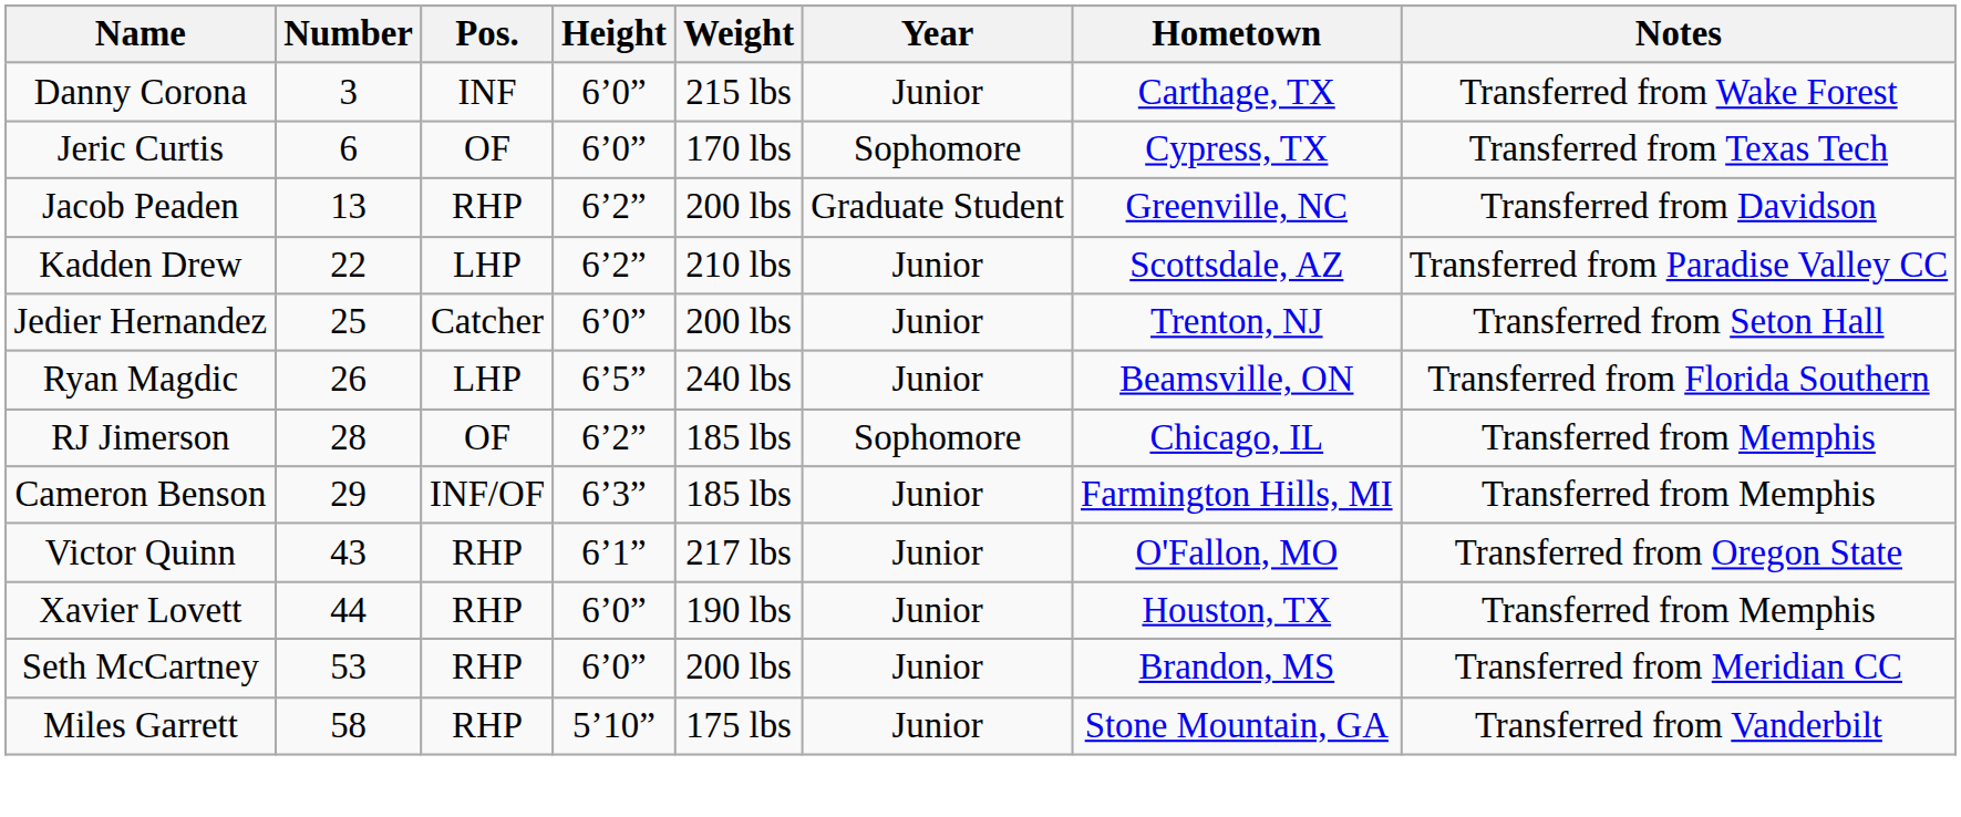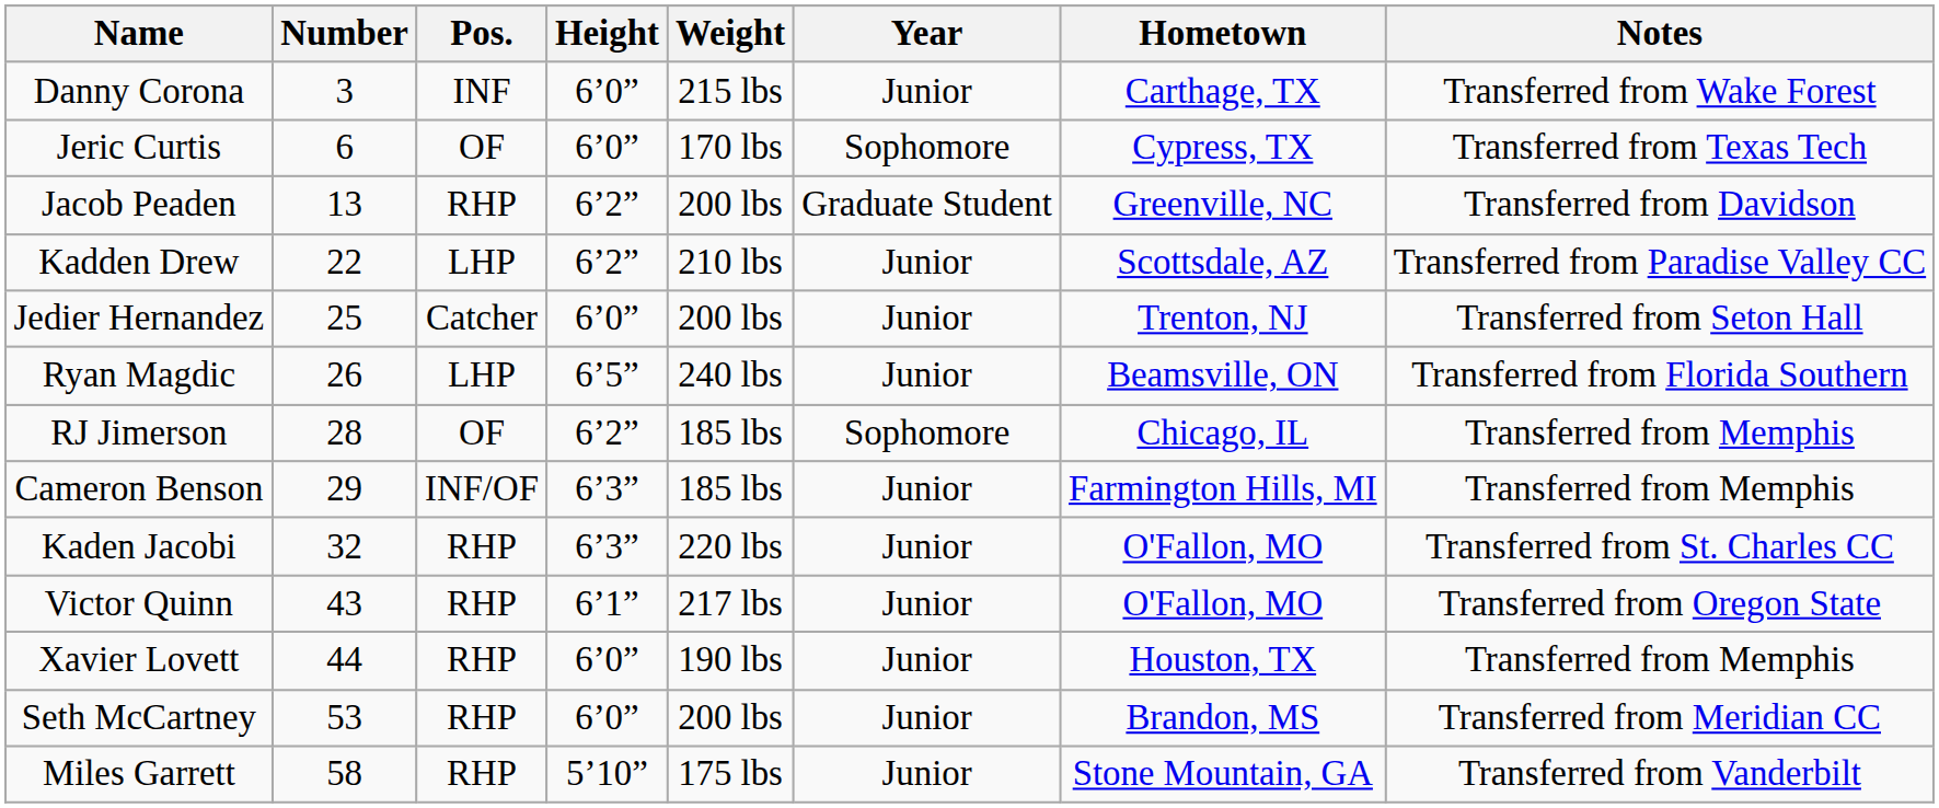 <table class="wikitable sortable">
 <tr>
 </tr>
 <tr>
 <th style="text-align:center; ">Name</th>
 <th style="text-align:center; ">Number</th>
 <th style="text-align:center; ">Pos.</th>
 <th style="text-align:center; ">Height</th>
 <th style="text-align:center; ">Weight</th>
 <th style="text-align:center; ">Year</th>
 <th style="text-align:center; ">Hometown</th>
 <th style="text-align:center; ">Notes</th>
 </tr>
 <tr align="center">
 <td>Danny Corona</td>
 <td>3</td>
 <td>INF</td>
 <td>6’0”</td>
 <td>215 lbs</td>
 <td>Junior</td>
 <td><a href='#'>Carthage, TX</a></td>
 <td>Transferred from <a href='#'>Wake Forest</a></td>
 </tr>
 <tr align="center">
 <td>Jeric Curtis</td>
 <td>6</td>
 <td>OF</td>
 <td>6’0”</td>
 <td>170 lbs</td>
 <td>Sophomore</td>
 <td><a href='#'>Cypress, TX</a></td>
 <td>Transferred from <a href='#'>Texas Tech</a></td>
 </tr>
 <tr align="center">
 <td>Jacob Peaden</td>
 <td>13</td>
 <td>RHP</td>
 <td>6’2”</td>
 <td>200 lbs</td>
 <td>Graduate Student</td>
 <td><a href='#'>Greenville, NC</a></td>
 <td>Transferred from <a href='#'>Davidson</a></td>
 </tr>
 <tr align="center">
 <td>Kadden Drew</td>
 <td>22</td>
 <td>LHP</td>
 <td>6’2”</td>
 <td>210 lbs</td>
 <td>Junior</td>
 <td><a href='#'>Scottsdale, AZ</a></td>
 <td>Transferred from <a href='#'>Paradise Valley CC</a></td>
 </tr>
 <tr align="center">
 <td>Jedier Hernandez</td>
 <td>25</td>
 <td>Catcher</td>
 <td>6’0”</td>
 <td>200 lbs</td>
 <td>Junior</td>
 <td><a href='#'>Trenton, NJ</a></td>
 <td>Transferred from <a href='#'>Seton Hall</a></td>
 </tr>
 <tr align="center">
 <td>Ryan Magdic</td>
 <td>26</td>
 <td>LHP</td>
 <td>6’5”</td>
 <td>240 lbs</td>
 <td>Junior</td>
 <td><a href='#'>Beamsville, ON</a></td>
 <td>Transferred from <a href='#'>Florida Southern</a></td>
 </tr>
 <tr align="center">
 <td>RJ Jimerson</td>
 <td>28</td>
 <td>OF</td>
 <td>6’2”</td>
 <td>185 lbs</td>
 <td>Sophomore</td>
 <td><a href='#'>Chicago, IL</a></td>
 <td>Transferred from <a href='#'>Memphis</a></td>
 </tr>
 <tr align="center">
 <td>Cameron Benson</td>
 <td>29</td>
 <td>INF/OF</td>
 <td>6’3”</td>
 <td>185 lbs</td>
 <td>Junior</td>
 <td><a href='#'>Farmington Hills, MI</a></td>
 <td>Transferred from Memphis</td>
 </tr>
 <tr align="center">
+<td>Kaden Jacobi</td>
+<td>32</td>
+<td>RHP</td>
+<td>6’3”</td>
+<td>220 lbs</td>
+<td>Junior</td>
+<td><a href='#'>O'Fallon, MO</a></td>
+<td>Transferred from <a href='#'>St. Charles CC</a></td>
+</tr>
+<tr align="center">
 <td>Victor Quinn</td>
 <td>43</td>
 <td>RHP</td>
 <td>6’1”</td>
 <td>217 lbs</td>
 <td>Junior</td>
 <td><a href='#'>O'Fallon, MO</a></td>
 <td>Transferred from <a href='#'>Oregon State</a></td>
 </tr>
 <tr align="center">
 <td>Xavier Lovett</td>
 <td>44</td>
 <td>RHP</td>
 <td>6’0”</td>
 <td>190 lbs</td>
 <td>Junior</td>
 <td><a href='#'>Houston, TX</a></td>
 <td>Transferred from Memphis</td>
 </tr>
 <tr align="center">
 <td>Seth McCartney</td>
 <td>53</td>
 <td>RHP</td>
 <td>6’0”</td>
 <td>200 lbs</td>
 <td>Junior</td>
 <td><a href='#'>Brandon, MS</a></td>
 <td>Transferred from <a href='#'>Meridian CC</a></td>
 </tr>
 <tr align="center">
 <td>Miles Garrett</td>
 <td>58</td>
 <td>RHP</td>
 <td>5’10”</td>
 <td>175 lbs</td>
 <td>Junior</td>
 <td><a href='#'>Stone Mountain, GA</a></td>
 <td>Transferred from <a href='#'>Vanderbilt</a></td>
 </tr>
 </table>
